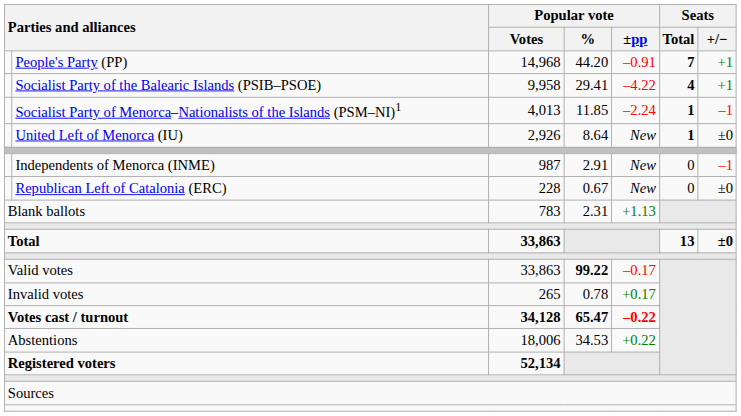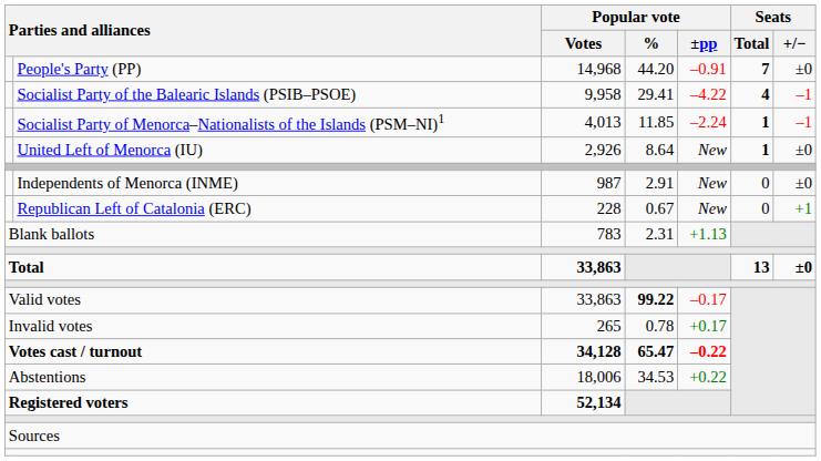 <table class="wikitable" style="text-align:right;">
 <tr>
 <th style="text-align:left;" rowspan="2" colspan="2" width="525">Parties and alliances</th>
 <th colspan="3">Popular vote</th>
 <th colspan="2">Seats</th>
 </tr>
 <tr>
 <th width="75">Votes</th>
 <th width="45">%</th>
 <th width="45">±<a href='#'>pp</a></th>
 <th width="35">Total</th>
 <th width="35">+/−</th>
 </tr>
 <tr>
 <td width="1" style="color:inherit;background:"></td>
 <td align="left"><a href='#'>People's Party</a> (PP)</td>
 <td>14,968</td>
 <td>44.20</td>
 <td style="color:red;">–0.91</td>
 <td><strong>7</strong></td>
-<td style="color:green;">+1</td>
+<td>±0</td>
 </tr>
 <tr>
 <td style="color:inherit;background:"></td>
 <td align="left"><a href='#'>Socialist Party of the Balearic Islands</a> (PSIB–PSOE)</td>
 <td>9,958</td>
 <td>29.41</td>
 <td style="color:red;">–4.22</td>
 <td><strong>4</strong></td>
-<td style="color:green;">+1</td>
+<td style="color:red;">–1</td>
 </tr>
 <tr>
 <td style="color:inherit;background:"></td>
 <td align="left"><a href='#'>Socialist Party of Menorca</a>–<a href='#'>Nationalists of the Islands</a> (PSM–NI)<sup>1</sup></td>
 <td>4,013</td>
 <td>11.85</td>
 <td style="color:red;">–2.24</td>
 <td><strong>1</strong></td>
 <td style="color:red;">–1</td>
 </tr>
 <tr>
 <td style="color:inherit;background:"></td>
 <td align="left"><a href='#'>United Left of Menorca</a> (IU)</td>
 <td>2,926</td>
 <td>8.64</td>
 <td><em>New</em></td>
 <td><strong>1</strong></td>
 <td>±0</td>
 </tr>
 <tr>
 <td colspan="7" bgcolor="#C0C0C0"></td>
 </tr>
 <tr>
 <td style="color:inherit;background:"></td>
 <td align="left">Independents of Menorca (INME)</td>
 <td>987</td>
 <td>2.91</td>
 <td><em>New</em></td>
 <td>0</td>
-<td style="color:red;">–1</td>
+<td>±0</td>
 </tr>
 <tr>
 <td style="color:inherit;background:"></td>
 <td align="left"><a href='#'>Republican Left of Catalonia</a> (ERC)</td>
 <td>228</td>
 <td>0.67</td>
 <td><em>New</em></td>
 <td>0</td>
-<td>±0</td>
+<td style="color:green;">+1</td>
 </tr>
 <tr>
 <td align="left" colspan="2">Blank ballots</td>
 <td>783</td>
 <td>2.31</td>
 <td style="color:green;">+1.13</td>
 <td bgcolor="#E9E9E9" colspan="2"></td>
 </tr>
 <tr>
 <td colspan="7" bgcolor="#E9E9E9"></td>
 </tr>
 <tr style="font-weight:bold;">
 <td align="left" colspan="2">Total</td>
 <td>33,863</td>
 <td bgcolor="#E9E9E9" colspan="2"></td>
 <td>13</td>
 <td>±0</td>
 </tr>
 <tr>
 <td colspan="7" bgcolor="#E9E9E9"></td>
 </tr>
 <tr>
 <td align="left" colspan="2">Valid votes</td>
 <td>33,863</td>
 <td><strong>99.22</strong></td>
 <td style="color:red;">–0.17</td>
 <td bgcolor="#E9E9E9" colspan="2" rowspan="5"></td>
 </tr>
 <tr>
 <td align="left" colspan="2">Invalid votes</td>
 <td>265</td>
 <td>0.78</td>
 <td style="color:green;">+0.17</td>
 </tr>
 <tr style="font-weight:bold;">
 <td align="left" colspan="2">Votes cast / turnout</td>
 <td>34,128</td>
 <td>65.47</td>
 <td style="color:red;">–0.22</td>
 </tr>
 <tr>
 <td align="left" colspan="2">Abstentions</td>
 <td>18,006</td>
 <td>34.53</td>
 <td style="color:green;">+0.22</td>
 </tr>
 <tr style="font-weight:bold;">
 <td align="left" colspan="2">Registered voters</td>
 <td>52,134</td>
 <td bgcolor="#E9E9E9" colspan="2"></td>
 </tr>
 <tr>
 <td colspan="7" bgcolor="#E9E9E9"></td>
 </tr>
 <tr>
 <td align="left" colspan="7">Sources</td>
 </tr>
 <tr>
 <td colspan="7" style="text-align:left; max-width:790px;"></td>
 </tr>
 </table>
